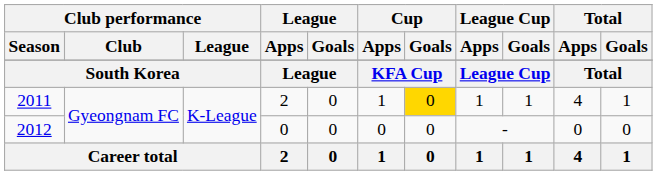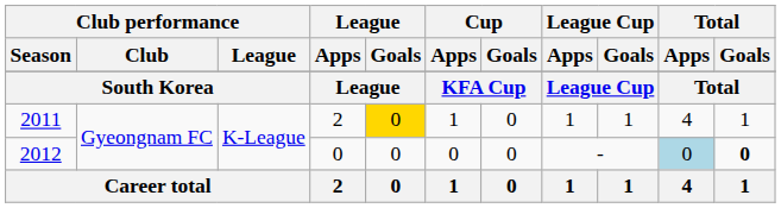 <table class="wikitable" style="text-align:center">
 <tr>
 <th colspan=3>Club performance</th>
 <th colspan=2>League</th>
 <th colspan=2>Cup</th>
 <th colspan=2>League Cup</th>
 <th colspan=2>Total</th>
 </tr>
 <tr>
 <th>Season</th>
 <th>Club</th>
 <th>League</th>
 <th>Apps</th>
 <th>Goals</th>
 <th>Apps</th>
 <th>Goals</th>
 <th>Apps</th>
 <th>Goals</th>
 <th>Apps</th>
 <th>Goals</th>
 </tr>
 <tr>
 </tr>
 <tr>
 <th colspan=3>South Korea</th>
 <th colspan=2>League</th>
 <th colspan=2><a href='#'>KFA Cup</a></th>
 <th colspan=2><a href='#'>League Cup</a></th>
 <th colspan=2>Total</th>
 </tr>
 <tr>
 <td><a href='#'>2011</a></td>
 <td rowspan="2"><a href='#'>Gyeongnam FC</a></td>
 <td rowspan="2"><a href='#'>K-League</a></td>
 <td>2</td>
+<td style="background: gold;">0</td>
+<td>1</td>
 <td>0</td>
-<td>1</td>
-<td style="background: gold;">0</td>
 <td>1</td>
 <td>1</td>
 <td>4</td>
 <td>1</td>
 </tr>
 <tr>
 <td><a href='#'>2012</a></td>
 <td>0</td>
 <td>0</td>
 <td>0</td>
 <td>0</td>
 <td colspan="2">-</td>
-<td>0</td>
-<td>0</td>
+<td style="background: lightblue;">0</td>
+<td><strong>0</strong></td>
 </tr>
 <tr>
 <th colspan=3>Career total</th>
 <th>2</th>
 <th>0</th>
 <th>1</th>
 <th>0</th>
 <th>1</th>
 <th>1</th>
 <th>4</th>
 <th>1</th>
 </tr>
 </table>
